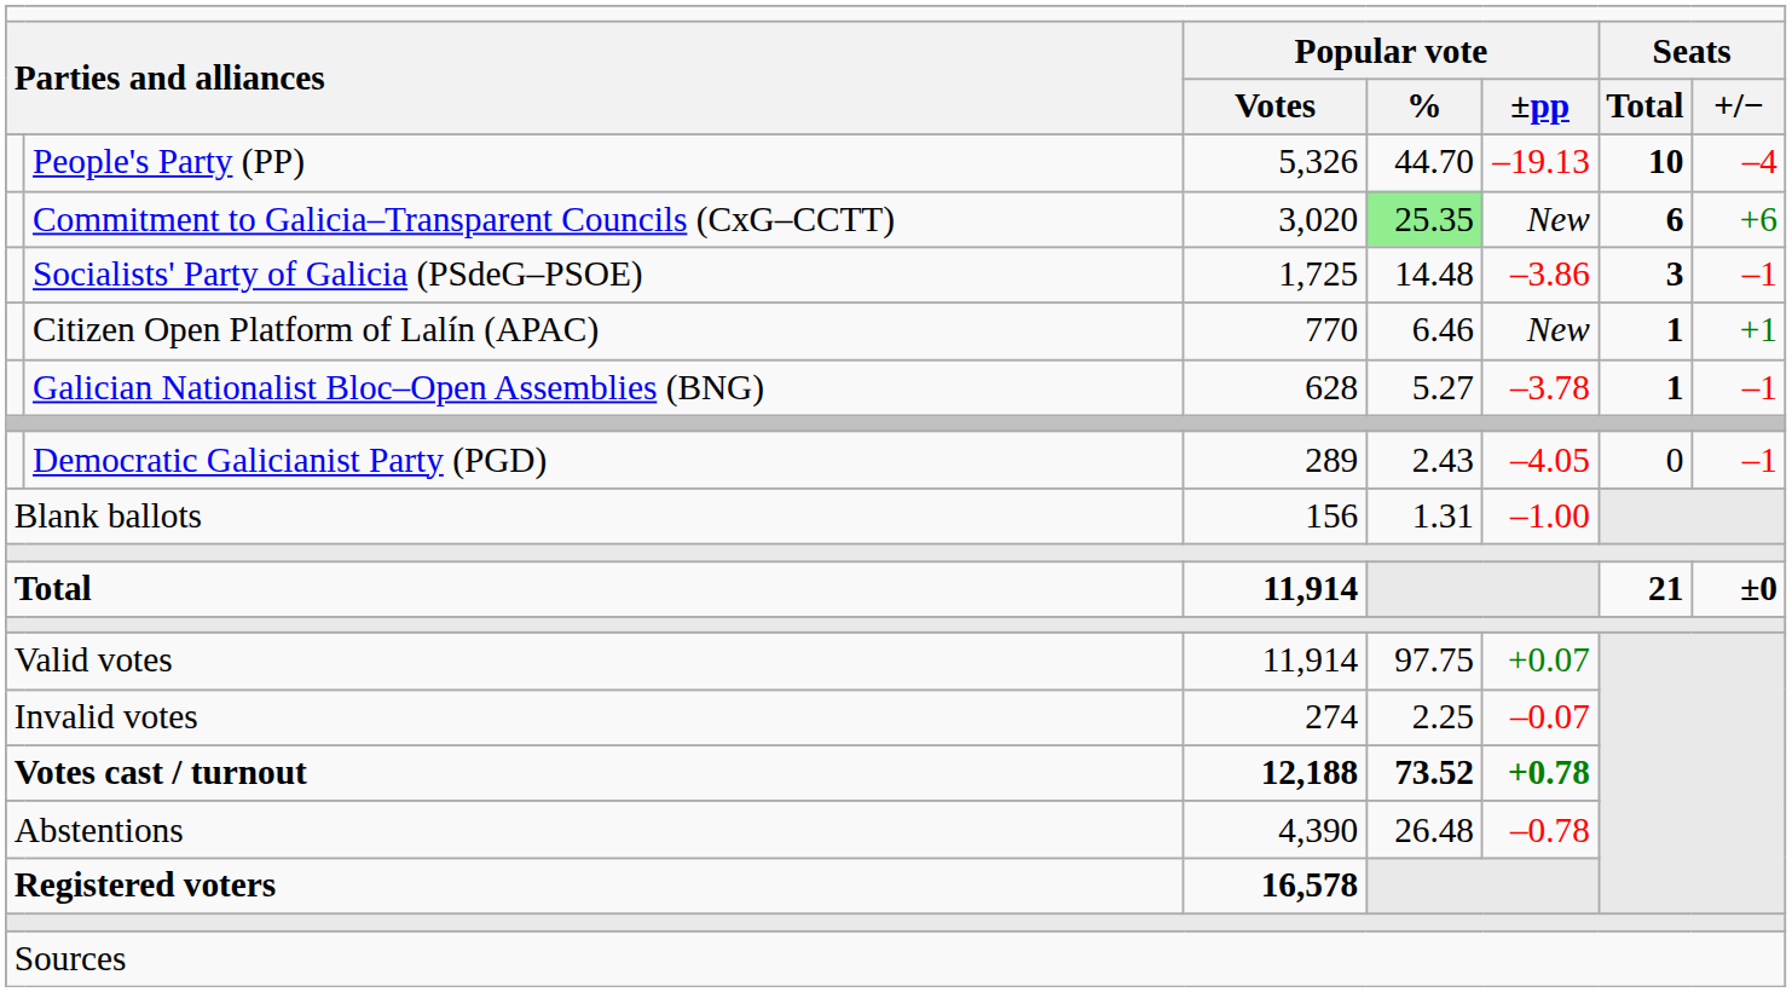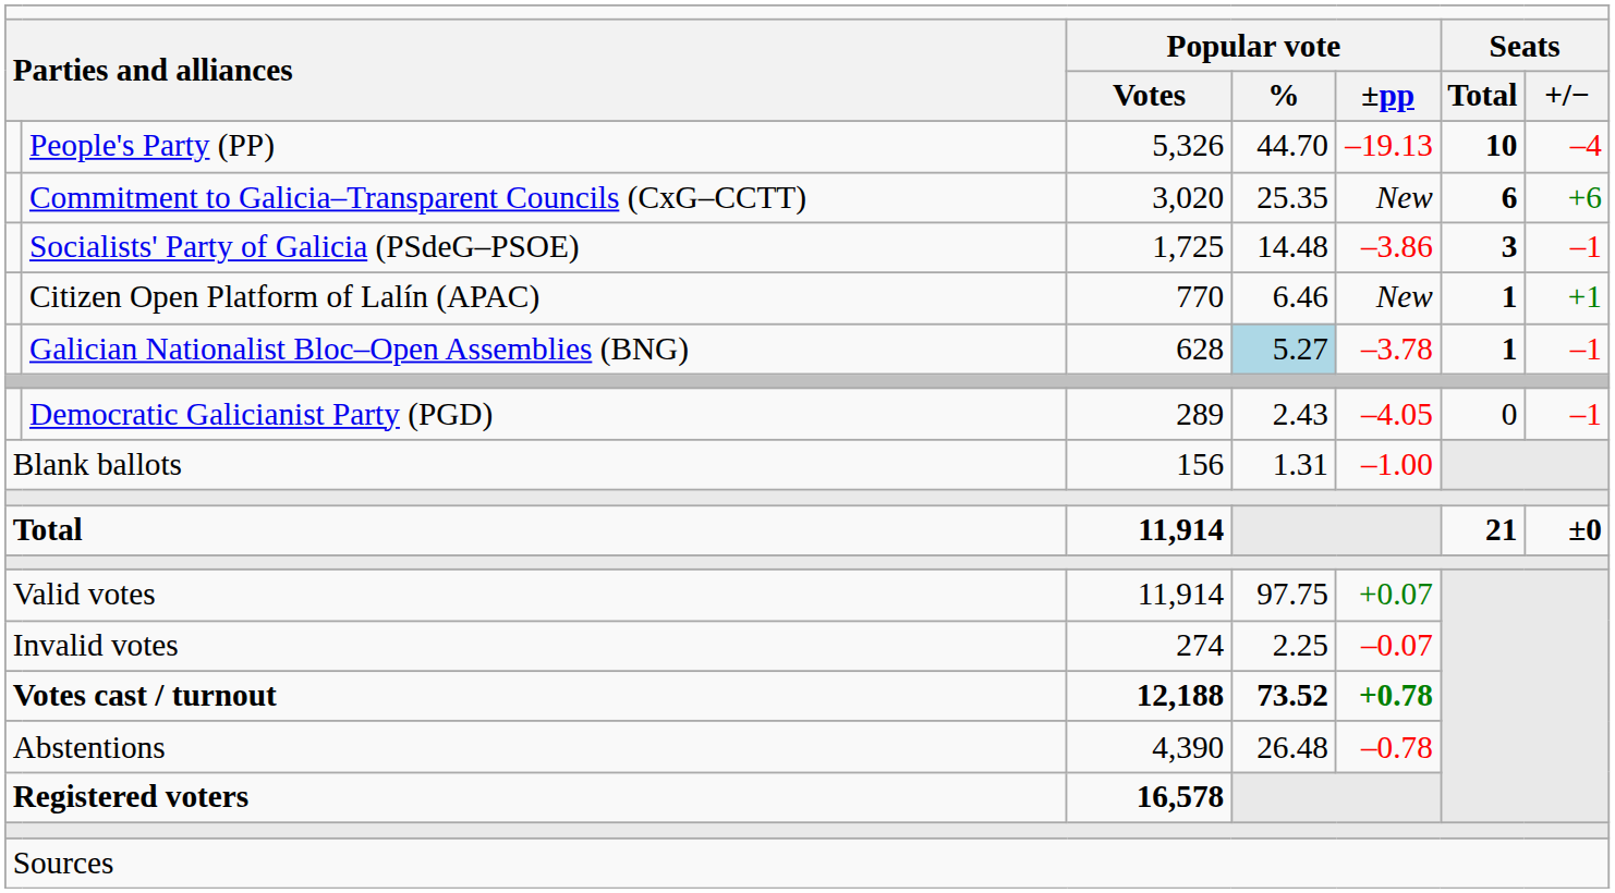 <table class="wikitable" style="text-align:right;">
 <tr>
 <td colspan="7"></td>
 </tr>
 <tr>
 <th style="text-align:left;" rowspan="2" colspan="2" width="525">Parties and alliances</th>
 <th colspan="3">Popular vote</th>
 <th colspan="2">Seats</th>
 </tr>
 <tr>
 <th width="75">Votes</th>
 <th width="45">%</th>
 <th width="45">±<a href='#'>pp</a></th>
 <th width="35">Total</th>
 <th width="35">+/−</th>
 </tr>
 <tr>
 <td width="1" style="color:inherit;background:"></td>
 <td align="left"><a href='#'>People's Party</a> (PP)</td>
 <td>5,326</td>
 <td>44.70</td>
 <td style="color:red;">–19.13</td>
 <td><strong>10</strong></td>
 <td style="color:red;">–4</td>
 </tr>
 <tr>
 <td style="color:inherit;background:"></td>
 <td align="left"><a href='#'>Commitment to Galicia–Transparent Councils</a> (CxG–CCTT)</td>
 <td>3,020</td>
-<td style="background: lightgreen;">25.35</td>
+<td>25.35</td>
 <td><em>New</em></td>
 <td><strong>6</strong></td>
 <td style="color:green;">+6</td>
 </tr>
 <tr>
 <td style="color:inherit;background:"></td>
 <td align="left"><a href='#'>Socialists' Party of Galicia</a> (PSdeG–PSOE)</td>
 <td>1,725</td>
 <td>14.48</td>
 <td style="color:red;">–3.86</td>
 <td><strong>3</strong></td>
 <td style="color:red;">–1</td>
 </tr>
 <tr>
 <td style="color:inherit;background:"></td>
 <td align="left">Citizen Open Platform of Lalín (APAC)</td>
 <td>770</td>
 <td>6.46</td>
 <td><em>New</em></td>
 <td><strong>1</strong></td>
 <td style="color:green;">+1</td>
 </tr>
 <tr>
 <td style="color:inherit;background:"></td>
 <td align="left"><a href='#'>Galician Nationalist Bloc–Open Assemblies</a> (BNG)</td>
 <td>628</td>
-<td>5.27</td>
+<td style="background: lightblue;">5.27</td>
 <td style="color:red;">–3.78</td>
 <td><strong>1</strong></td>
 <td style="color:red;">–1</td>
 </tr>
 <tr>
 <td colspan="7" bgcolor="#C0C0C0"></td>
 </tr>
 <tr>
 <td style="color:inherit;background:"></td>
 <td align="left"><a href='#'>Democratic Galicianist Party</a> (PGD)</td>
 <td>289</td>
 <td>2.43</td>
 <td style="color:red;">–4.05</td>
 <td>0</td>
 <td style="color:red;">–1</td>
 </tr>
 <tr>
 <td align="left" colspan="2">Blank ballots</td>
 <td>156</td>
 <td>1.31</td>
 <td style="color:red;">–1.00</td>
 <td bgcolor="#E9E9E9" colspan="2"></td>
 </tr>
 <tr>
 <td colspan="7" bgcolor="#E9E9E9"></td>
 </tr>
 <tr style="font-weight:bold;">
 <td align="left" colspan="2">Total</td>
 <td>11,914</td>
 <td bgcolor="#E9E9E9" colspan="2"></td>
 <td>21</td>
 <td>±0</td>
 </tr>
 <tr>
 <td colspan="7" bgcolor="#E9E9E9"></td>
 </tr>
 <tr>
 <td align="left" colspan="2">Valid votes</td>
 <td>11,914</td>
 <td>97.75</td>
 <td style="color:green;">+0.07</td>
 <td bgcolor="#E9E9E9" colspan="2" rowspan="5"></td>
 </tr>
 <tr>
 <td align="left" colspan="2">Invalid votes</td>
 <td>274</td>
 <td>2.25</td>
 <td style="color:red;">–0.07</td>
 </tr>
 <tr style="font-weight:bold;">
 <td align="left" colspan="2">Votes cast / turnout</td>
 <td>12,188</td>
 <td>73.52</td>
 <td style="color:green;">+0.78</td>
 </tr>
 <tr>
 <td align="left" colspan="2">Abstentions</td>
 <td>4,390</td>
 <td>26.48</td>
 <td style="color:red;">–0.78</td>
 </tr>
 <tr style="font-weight:bold;">
 <td align="left" colspan="2">Registered voters</td>
 <td>16,578</td>
 <td bgcolor="#E9E9E9" colspan="2"></td>
 </tr>
 <tr>
 <td colspan="7" bgcolor="#E9E9E9"></td>
 </tr>
 <tr>
 <td align="left" colspan="7">Sources</td>
 </tr>
 </table>
